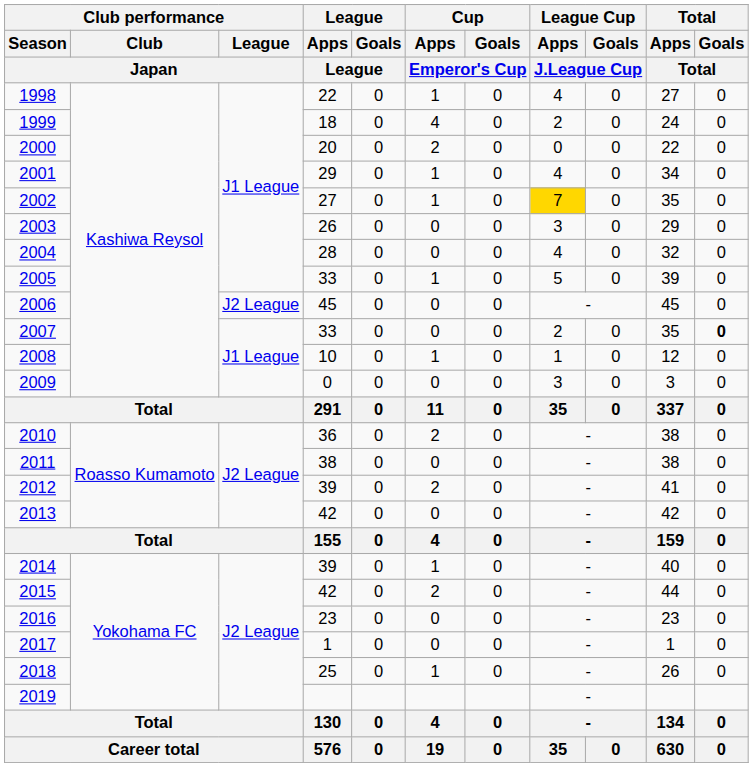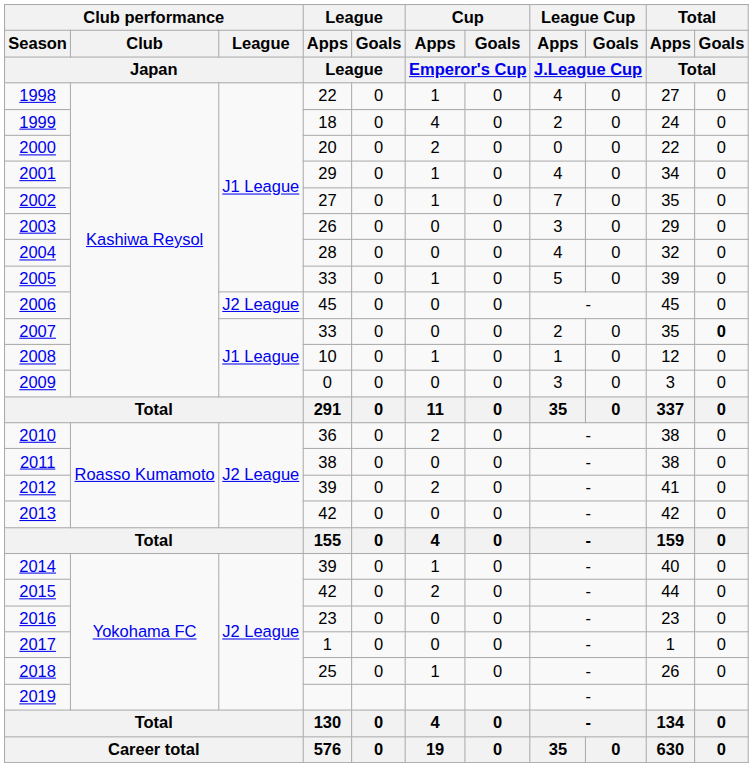 <table class="wikitable" style="text-align:center">
 <tr>
 <th colspan=3>Club performance</th>
 <th colspan=2>League</th>
 <th colspan=2>Cup</th>
 <th colspan=2>League Cup</th>
 <th colspan=2>Total</th>
 </tr>
 <tr>
 <th>Season</th>
 <th>Club</th>
 <th>League</th>
 <th>Apps</th>
 <th>Goals</th>
 <th>Apps</th>
 <th>Goals</th>
 <th>Apps</th>
 <th>Goals</th>
 <th>Apps</th>
 <th>Goals</th>
 </tr>
 <tr>
 <th colspan=3>Japan</th>
 <th colspan=2>League</th>
 <th colspan=2><a href='#'>Emperor's Cup</a></th>
 <th colspan=2><a href='#'>J.League Cup</a></th>
 <th colspan=2>Total</th>
 </tr>
 <tr>
 <td><a href='#'>1998</a></td>
 <td rowspan="12"><a href='#'>Kashiwa Reysol</a></td>
 <td rowspan="8"><a href='#'>J1 League</a></td>
 <td>22</td>
 <td>0</td>
 <td>1</td>
 <td>0</td>
 <td>4</td>
 <td>0</td>
 <td>27</td>
 <td>0</td>
 </tr>
 <tr>
 <td><a href='#'>1999</a></td>
 <td>18</td>
 <td>0</td>
 <td>4</td>
 <td>0</td>
 <td>2</td>
 <td>0</td>
 <td>24</td>
 <td>0</td>
 </tr>
 <tr>
 <td><a href='#'>2000</a></td>
 <td>20</td>
 <td>0</td>
 <td>2</td>
 <td>0</td>
 <td>0</td>
 <td>0</td>
 <td>22</td>
 <td>0</td>
 </tr>
 <tr>
 <td><a href='#'>2001</a></td>
 <td>29</td>
 <td>0</td>
 <td>1</td>
 <td>0</td>
 <td>4</td>
 <td>0</td>
 <td>34</td>
 <td>0</td>
 </tr>
 <tr>
 <td><a href='#'>2002</a></td>
 <td>27</td>
 <td>0</td>
 <td>1</td>
 <td>0</td>
-<td style="background: gold;">7</td>
+<td>7</td>
 <td>0</td>
 <td>35</td>
 <td>0</td>
 </tr>
 <tr>
 <td><a href='#'>2003</a></td>
 <td>26</td>
 <td>0</td>
 <td>0</td>
 <td>0</td>
 <td>3</td>
 <td>0</td>
 <td>29</td>
 <td>0</td>
 </tr>
 <tr>
 <td><a href='#'>2004</a></td>
 <td>28</td>
 <td>0</td>
 <td>0</td>
 <td>0</td>
 <td>4</td>
 <td>0</td>
 <td>32</td>
 <td>0</td>
 </tr>
 <tr>
 <td><a href='#'>2005</a></td>
 <td>33</td>
 <td>0</td>
 <td>1</td>
 <td>0</td>
 <td>5</td>
 <td>0</td>
 <td>39</td>
 <td>0</td>
 </tr>
 <tr>
 <td><a href='#'>2006</a></td>
 <td><a href='#'>J2 League</a></td>
 <td>45</td>
 <td>0</td>
 <td>0</td>
 <td>0</td>
 <td colspan="2">-</td>
 <td>45</td>
 <td>0</td>
 </tr>
 <tr>
 <td><a href='#'>2007</a></td>
 <td rowspan="3"><a href='#'>J1 League</a></td>
 <td>33</td>
 <td>0</td>
 <td>0</td>
 <td>0</td>
 <td>2</td>
 <td>0</td>
 <td>35</td>
 <td><strong>0</strong></td>
 </tr>
 <tr>
 <td><a href='#'>2008</a></td>
 <td>10</td>
 <td>0</td>
 <td>1</td>
 <td>0</td>
 <td>1</td>
 <td>0</td>
 <td>12</td>
 <td>0</td>
 </tr>
 <tr>
 <td><a href='#'>2009</a></td>
 <td>0</td>
 <td>0</td>
 <td>0</td>
 <td>0</td>
 <td>3</td>
 <td>0</td>
 <td>3</td>
 <td>0</td>
 </tr>
 <tr>
 <th colspan="3">Total</th>
 <th>291</th>
 <th>0</th>
 <th>11</th>
 <th>0</th>
 <th>35</th>
 <th>0</th>
 <th>337</th>
 <th>0</th>
 </tr>
 <tr>
 <td><a href='#'>2010</a></td>
 <td rowspan="4"><a href='#'>Roasso Kumamoto</a></td>
 <td rowspan="4"><a href='#'>J2 League</a></td>
 <td>36</td>
 <td>0</td>
 <td>2</td>
 <td>0</td>
 <td colspan="2">-</td>
 <td>38</td>
 <td>0</td>
 </tr>
 <tr>
 <td><a href='#'>2011</a></td>
 <td>38</td>
 <td>0</td>
 <td>0</td>
 <td>0</td>
 <td colspan="2">-</td>
 <td>38</td>
 <td>0</td>
 </tr>
 <tr>
 <td><a href='#'>2012</a></td>
 <td>39</td>
 <td>0</td>
 <td>2</td>
 <td>0</td>
 <td colspan="2">-</td>
 <td>41</td>
 <td>0</td>
 </tr>
 <tr>
 <td><a href='#'>2013</a></td>
 <td>42</td>
 <td>0</td>
 <td>0</td>
 <td>0</td>
 <td colspan="2">-</td>
 <td>42</td>
 <td>0</td>
 </tr>
 <tr>
 <th colspan="3">Total</th>
 <th>155</th>
 <th>0</th>
 <th>4</th>
 <th>0</th>
 <th colspan="2">-</th>
 <th>159</th>
 <th>0</th>
 </tr>
 <tr>
 <td><a href='#'>2014</a></td>
 <td rowspan="6"><a href='#'>Yokohama FC</a></td>
 <td rowspan="6"><a href='#'>J2 League</a></td>
 <td>39</td>
 <td>0</td>
 <td>1</td>
 <td>0</td>
 <td colspan="2">-</td>
 <td>40</td>
 <td>0</td>
 </tr>
 <tr>
 <td><a href='#'>2015</a></td>
 <td>42</td>
 <td>0</td>
 <td>2</td>
 <td>0</td>
 <td colspan="2">-</td>
 <td>44</td>
 <td>0</td>
 </tr>
 <tr>
 <td><a href='#'>2016</a></td>
 <td>23</td>
 <td>0</td>
 <td>0</td>
 <td>0</td>
 <td colspan="2">-</td>
 <td>23</td>
 <td>0</td>
 </tr>
 <tr>
 <td><a href='#'>2017</a></td>
 <td>1</td>
 <td>0</td>
 <td>0</td>
 <td>0</td>
 <td colspan="2">-</td>
 <td>1</td>
 <td>0</td>
 </tr>
 <tr>
 <td><a href='#'>2018</a></td>
 <td>25</td>
 <td>0</td>
 <td>1</td>
 <td>0</td>
 <td colspan="2">-</td>
 <td>26</td>
 <td>0</td>
 </tr>
 <tr>
 <td><a href='#'>2019</a></td>
 <td></td>
 <td></td>
 <td></td>
 <td></td>
 <td colspan="2">-</td>
 <td></td>
 <td></td>
 </tr>
 <tr>
 <th colspan="3">Total</th>
 <th>130</th>
 <th>0</th>
 <th>4</th>
 <th>0</th>
 <th colspan="2">-</th>
 <th>134</th>
 <th>0</th>
 </tr>
 <tr>
 <th colspan=3>Career total</th>
 <th>576</th>
 <th>0</th>
 <th>19</th>
 <th>0</th>
 <th>35</th>
 <th>0</th>
 <th>630</th>
 <th>0</th>
 </tr>
 </table>
